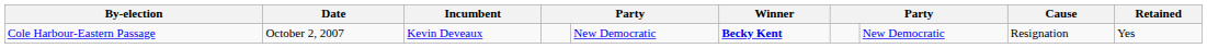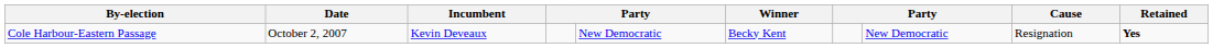 <table class=wikitable style="width:100%">
 <tr>
 <th>By-election</th>
 <th>Date</th>
 <th>Incumbent</th>
 <th colspan=2>Party</th>
 <th>Winner</th>
 <th colspan=2>Party</th>
 <th>Cause</th>
 <th>Retained</th>
 </tr>
 <tr>
 <td><a href='#'>Cole Harbour-Eastern Passage</a></td>
 <td>October 2, 2007</td>
 <td><a href='#'>Kevin Deveaux</a></td>
 <td>    </td>
 <td><a href='#'>New Democratic</a></td>
-<td><strong><a href='#'>Becky Kent</a></strong></td>
+<td><a href='#'>Becky Kent</a></td>
 <td>    </td>
 <td><a href='#'>New Democratic</a></td>
 <td>Resignation</td>
-<td>Yes</td>
+<td><strong>Yes</strong></td>
 </tr>
 </table>
